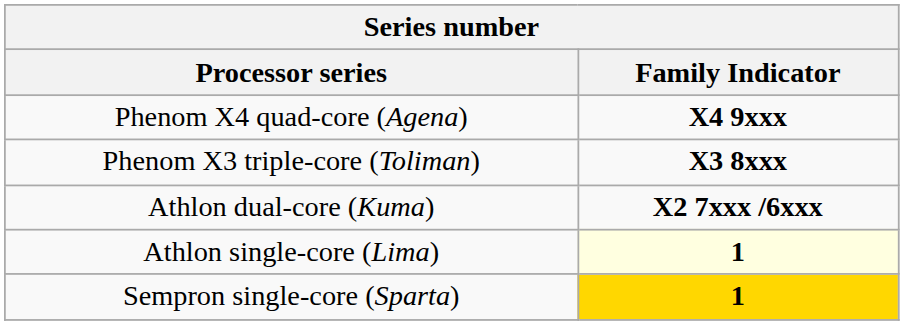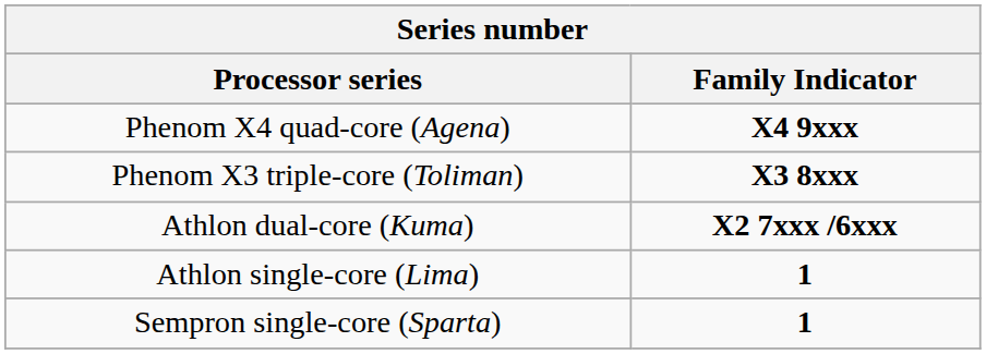 <table class="wikitable" width="40%" align="center">
 <tr>
 <th colspan="5">Series number</th>
 </tr>
 <tr>
 <th>Processor series</th>
 <th>Family Indicator</th>
 </tr>
 <tr>
 <td align="center">Phenom X4 quad-core (<em>Agena</em>)</td>
 <td align="center"><strong>X4 9xxx</strong></td>
 </tr>
 <tr>
 <td align="center">Phenom X3 triple-core (<em>Toliman</em>)</td>
 <td align="center"><strong>X3 8xxx</strong></td>
 </tr>
 <tr>
 <td align="center">Athlon dual-core (<em>Kuma</em>)</td>
 <td align="center"><strong>X2 7xxx /6xxx</strong></td>
 </tr>
 <tr>
 <td align="center">Athlon single-core (<em>Lima</em>)</td>
-<td align="center" style="background: lightyellow;"><strong>1</strong></td>
+<td align="center"><strong>1</strong></td>
 </tr>
 <tr>
 <td align="center">Sempron single-core (<em>Sparta</em>)</td>
-<td align="center" style="background: gold;"><strong>1</strong></td>
+<td align="center"><strong>1</strong></td>
 </tr>
 </table>
